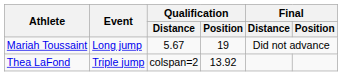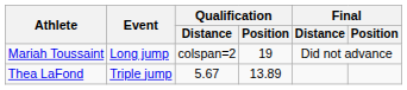 <table class=wikitable style="font-size:90%">
 <tr>
 <th rowspan=2>Athlete</th>
 <th rowspan=2>Event</th>
 <th colspan=2>Qualification</th>
 <th colspan=2>Final</th>
 </tr>
 <tr style="font-size:95%">
 <th>Distance</th>
 <th>Position</th>
 <th>Distance</th>
 <th>Position</th>
 </tr>
 <tr align=center>
 <td align=left><a href='#'>Mariah Toussaint</a></td>
 <td align=left><a href='#'>Long jump</a></td>
-<td>5.67</td>
+<td>colspan=2 </td>
 <td>19</td>
 <td colspan=2>Did not advance</td>
 </tr>
 <tr align=center>
 <td align=left><a href='#'>Thea LaFond</a></td>
 <td align=left><a href='#'>Triple jump</a></td>
-<td>colspan=2 </td>
-<td>13.92</td>
+<td>5.67</td>
+<td>13.89</td>
 <td></td>
 </tr>
 </table>
